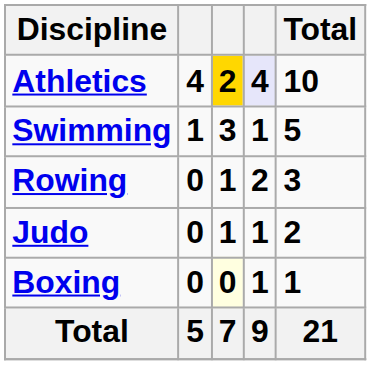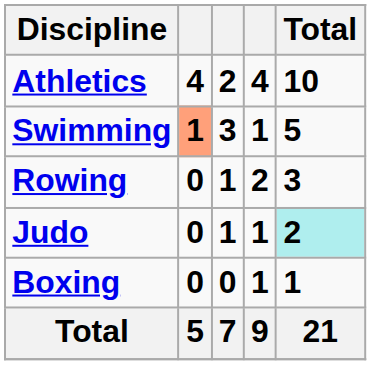 <table class="wikitable" style="font-size:85% align="right" style="text-align:center">
 <tr bgcolor="#efefef">
 </tr>
 <tr>
 <th>Discipline</th>
 <th></th>
 <th></th>
 <th></th>
 <th>Total</th>
 </tr>
 <tr style="font-weight:bold;">
 <td><a href='#'>Athletics</a></td>
 <td>4</td>
-<td style="background: gold;">2</td>
-<td style="background: lavender;">4</td>
+<td>2</td>
+<td>4</td>
 <td>10</td>
 </tr>
 <tr style="font-weight:bold;">
 <td><a href='#'>Swimming</a></td>
-<td>1</td>
+<td style="background: lightsalmon;">1</td>
 <td>3</td>
 <td>1</td>
 <td>5</td>
 </tr>
 <tr style="font-weight:bold;">
 <td><a href='#'>Rowing</a></td>
 <td>0</td>
 <td>1</td>
 <td>2</td>
 <td>3</td>
 </tr>
 <tr style="font-weight:bold;">
 <td><a href='#'>Judo</a></td>
 <td>0</td>
 <td>1</td>
 <td>1</td>
-<td>2</td>
+<td style="background: paleturquoise;">2</td>
 </tr>
 <tr style="font-weight:bold;">
 <td><a href='#'>Boxing</a></td>
 <td>0</td>
-<td style="background: lightyellow;">0</td>
+<td>0</td>
 <td>1</td>
 <td>1</td>
 </tr>
 <tr>
 <th>Total</th>
 <th>5</th>
 <th>7</th>
 <th>9</th>
 <th>21</th>
 </tr>
 <tr>
 </tr>
 </table>
